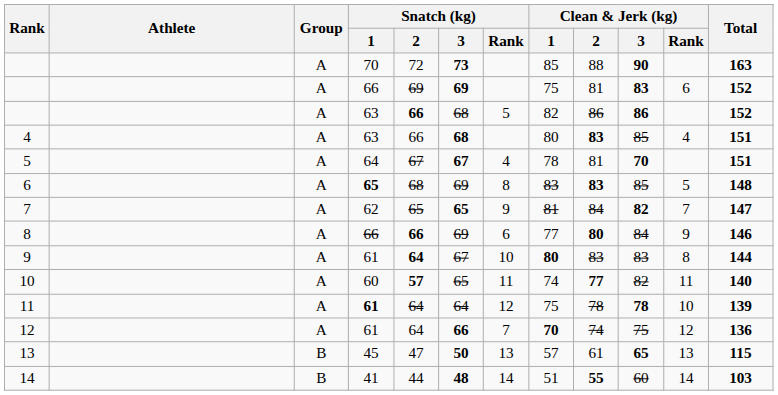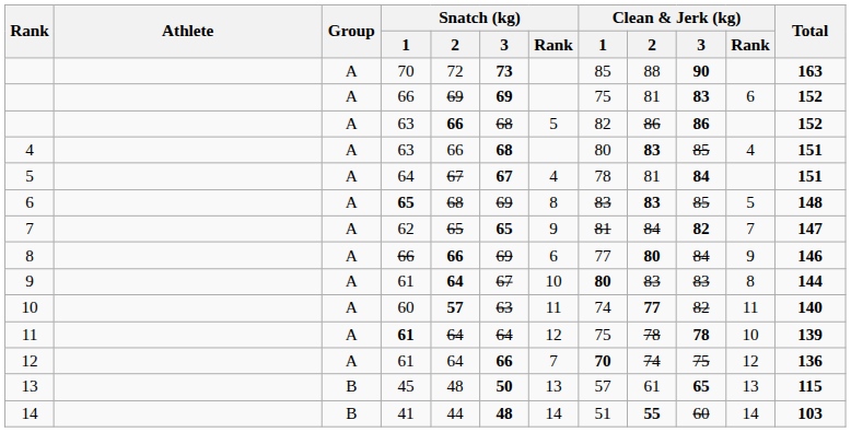 <table class = "wikitable" style="text-align:center;">
 <tr>
 <th rowspan=2 width=40>Rank</th>
 <th rowspan=2 width=250>Athlete</th>
 <th rowspan=2 width=50>Group</th>
 <th colspan=4>Snatch (kg)</th>
 <th colspan=4>Clean & Jerk (kg)</th>
 <th rowspan=2 width=60>Total</th>
 </tr>
 <tr>
 <th width=40>1</th>
 <th width=40>2</th>
 <th width=40>3</th>
 <th width=40>Rank</th>
 <th width=40>1</th>
 <th width=40>2</th>
 <th width=40>3</th>
 <th width=40>Rank</th>
 </tr>
 <tr>
 <td></td>
 <td align=left></td>
 <td>A</td>
 <td>70</td>
 <td>72</td>
 <td><strong>73</strong></td>
 <td></td>
 <td>85</td>
 <td>88</td>
 <td><strong>90</strong></td>
 <td></td>
 <td><strong>163</strong></td>
 </tr>
 <tr>
 <td></td>
 <td align=left></td>
 <td>A</td>
 <td>66</td>
 <td><s>69</s></td>
 <td><strong>69</strong></td>
 <td></td>
 <td>75</td>
 <td>81</td>
 <td><strong>83</strong></td>
 <td>6</td>
 <td><strong>152</strong></td>
 </tr>
 <tr>
 <td></td>
 <td align=left></td>
 <td>A</td>
 <td>63</td>
 <td><strong>66</strong></td>
 <td><s>68</s></td>
 <td>5</td>
 <td>82</td>
 <td><s>86</s></td>
 <td><strong>86</strong></td>
 <td></td>
 <td><strong>152</strong></td>
 </tr>
 <tr>
 <td>4</td>
 <td align=left></td>
 <td>A</td>
 <td>63</td>
 <td>66</td>
 <td><strong>68</strong></td>
 <td></td>
 <td>80</td>
 <td><strong>83</strong></td>
 <td><s>85</s></td>
 <td>4</td>
 <td><strong>151</strong></td>
 </tr>
 <tr>
 <td>5</td>
 <td align=left></td>
 <td>A</td>
 <td>64</td>
 <td><s>67</s></td>
 <td><strong>67</strong></td>
 <td>4</td>
 <td>78</td>
 <td>81</td>
-<td><strong>70</strong></td>
+<td><strong>84</strong></td>
 <td></td>
 <td><strong>151</strong></td>
 </tr>
 <tr>
 <td>6</td>
 <td align=left></td>
 <td>A</td>
 <td><strong>65</strong></td>
 <td><s>68</s></td>
 <td><s>69</s></td>
 <td>8</td>
 <td><s>83</s></td>
 <td><strong>83</strong></td>
 <td><s>85</s></td>
 <td>5</td>
 <td><strong>148</strong></td>
 </tr>
 <tr>
 <td>7</td>
 <td align=left></td>
 <td>A</td>
 <td>62</td>
 <td><s>65</s></td>
 <td><strong>65</strong></td>
 <td>9</td>
 <td><s>81</s></td>
 <td><s>84</s></td>
 <td><strong>82</strong></td>
 <td>7</td>
 <td><strong>147</strong></td>
 </tr>
 <tr>
 <td>8</td>
 <td align=left></td>
 <td>A</td>
 <td><s>66</s></td>
 <td><strong>66</strong></td>
 <td><s>69</s></td>
 <td>6</td>
 <td>77</td>
 <td><strong>80</strong></td>
 <td><s>84</s></td>
 <td>9</td>
 <td><strong>146</strong></td>
 </tr>
 <tr>
 <td>9</td>
 <td align=left></td>
 <td>A</td>
 <td>61</td>
 <td><strong>64</strong></td>
 <td><s>67</s></td>
 <td>10</td>
 <td><strong>80</strong></td>
 <td><s>83</s></td>
 <td><s>83</s></td>
 <td>8</td>
 <td><strong>144</strong></td>
 </tr>
 <tr>
 <td>10</td>
 <td align=left></td>
 <td>A</td>
 <td>60</td>
 <td><strong>57</strong></td>
-<td><s>65</s></td>
+<td><s>63</s></td>
 <td>11</td>
 <td>74</td>
 <td><strong>77</strong></td>
 <td><s>82</s></td>
 <td>11</td>
 <td><strong>140</strong></td>
 </tr>
 <tr>
 <td>11</td>
 <td align=left></td>
 <td>A</td>
 <td><strong>61</strong></td>
 <td><s>64</s></td>
 <td><s>64</s></td>
 <td>12</td>
 <td>75</td>
 <td><s>78</s></td>
 <td><strong>78</strong></td>
 <td>10</td>
 <td><strong>139</strong></td>
 </tr>
 <tr>
 <td>12</td>
 <td align=left></td>
 <td>A</td>
 <td>61</td>
 <td>64</td>
 <td><strong>66</strong></td>
 <td>7</td>
 <td><strong>70</strong></td>
 <td><s>74</s></td>
 <td><s>75</s></td>
 <td>12</td>
 <td><strong>136</strong></td>
 </tr>
 <tr>
 <td>13</td>
 <td align=left></td>
 <td>B</td>
 <td>45</td>
-<td>47</td>
+<td>48</td>
 <td><strong>50</strong></td>
 <td>13</td>
 <td>57</td>
 <td>61</td>
 <td><strong>65</strong></td>
 <td>13</td>
 <td><strong>115</strong></td>
 </tr>
 <tr>
 <td>14</td>
 <td align=left></td>
 <td>B</td>
 <td>41</td>
 <td>44</td>
 <td><strong>48</strong></td>
 <td>14</td>
 <td>51</td>
 <td><strong>55</strong></td>
 <td><s>60</s></td>
 <td>14</td>
 <td><strong>103</strong></td>
 </tr>
 </table>
